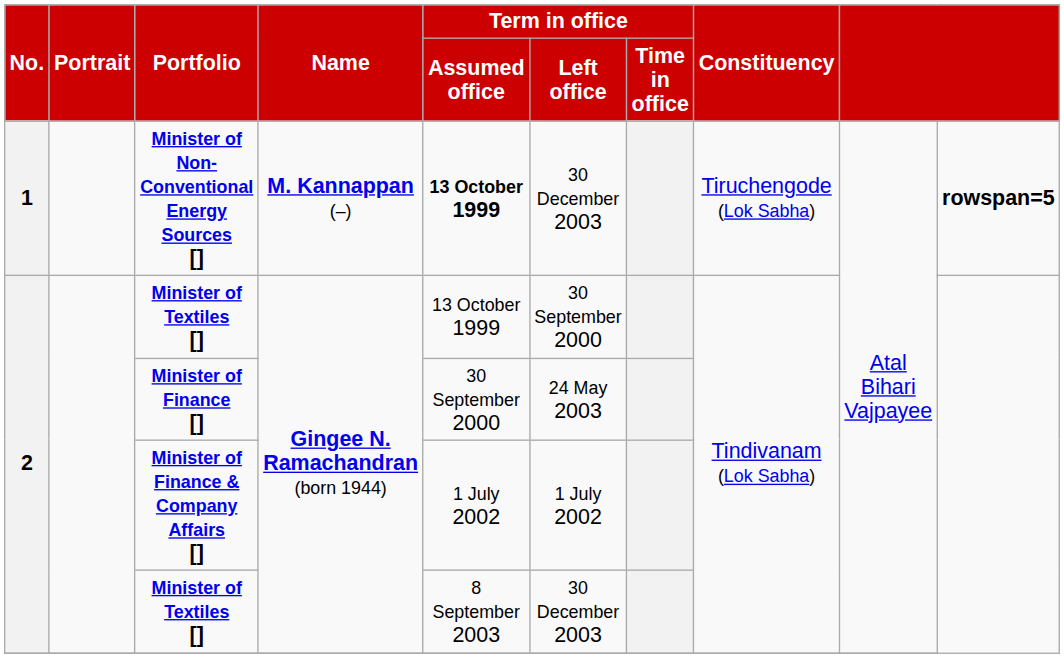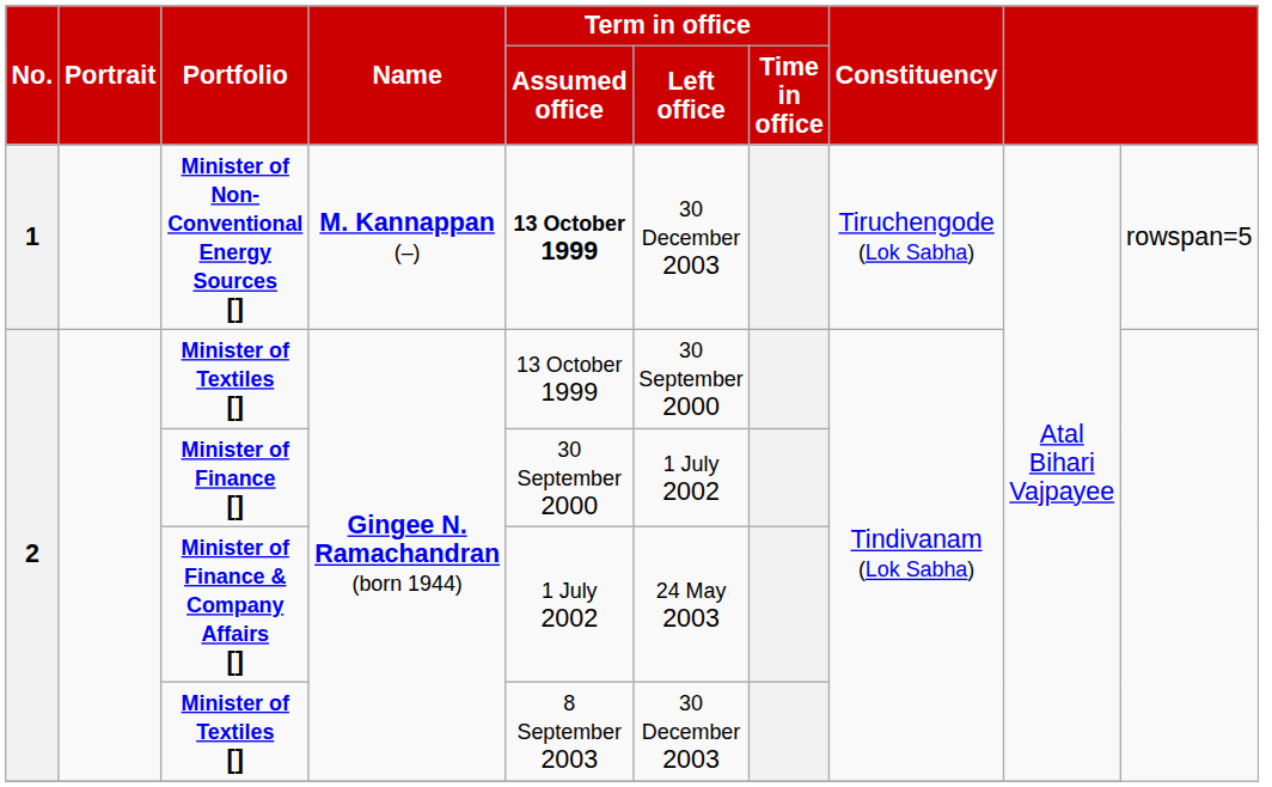 <table class="wikitable sortable" style="text-align:center;">
 <tr>
 <th rowspan=2 style="background-color:#cc0000;color:white">No.</th>
 <th rowspan=2 style="background-color:#cc0000;color:white">Portrait</th>
 <th rowspan=2 style="background-color:#cc0000;color:white">Portfolio</th>
 <th rowspan=2 style="background-color:#cc0000;color:white">Name<br></th>
 <th colspan=3 style="background-color:#cc0000;color:white">Term in office</th>
 <th rowspan=2 style="background-color:#cc0000;color:white">Constituency<br></th>
 <th rowspan=2 colspan=2 style="background-color:#cc0000;color:white"><a href='#'></a></th>
 </tr>
 <tr>
 <th style="background-color:#cc0000;color:white">Assumed office</th>
 <th style="background-color:#cc0000;color:white">Left office</th>
 <th style="background-color:#cc0000;color:white">Time in office</th>
 </tr>
 <tr>
 <th>1</th>
 <td></td>
 <td><strong><small><a href='#'>Minister of Non-Conventional Energy Sources</a></small></strong><br><strong>[]</strong></td>
 <td><strong><a href='#'>M. Kannappan</a></strong><br><small>(–)</small></td>
 <td><strong><small>13 October</small><br>1999</strong></td>
 <td><small>30 December</small><br>2003</td>
 <th><strong></strong></th>
 <td><a href='#'>Tiruchengode</a><br><small>(<a href='#'>Lok Sabha</a>)</small></td>
 <td rowspan=5><a href='#'>Atal Bihari Vajpayee</a></td>
-<td><strong>rowspan=5 </strong></td>
+<td>rowspan=5 </td>
 </tr>
 <tr>
 <th rowspan="4">2</th>
 <td rowspan="4"></td>
 <td><strong><small><a href='#'>Minister of Textiles</a></small></strong><br><strong>[]</strong></td>
 <td rowspan="4"><strong><a href='#'>Gingee N. Ramachandran</a></strong><br><small>(born 1944)</small></td>
 <td><small>13 October</small><br> 1999</td>
 <td><small>30 September</small><br>2000</td>
 <th><strong></strong></th>
 <td rowspan="4"><a href='#'>Tindivanam</a><br><small>(<a href='#'>Lok Sabha</a>)</small></td>
 </tr>
 <tr>
 <td><small><strong><a href='#'>Minister of Finance</a></strong></small><br><strong>[]</strong></td>
 <td><small>30 September</small><br>2000</td>
-<td><small>24 May</small><br>2003</td>
+<td><small>1 July</small><br>2002</td>
 <th><strong></strong></th>
 </tr>
 <tr>
 <td><small><strong><a href='#'>Minister of Finance & Company Affairs</a></strong></small><br><strong>[]</strong></td>
 <td><small>1 July</small><br>2002</td>
-<td><small>1 July</small><br>2002</td>
+<td><small>24 May</small><br>2003</td>
 <th><strong></strong></th>
 </tr>
 <tr>
 <td><strong><small><a href='#'>Minister of Textiles</a></small></strong><br><strong>[]</strong></td>
 <td><small>8 September</small><br>2003</td>
 <td><small>30 December</small><br>2003</td>
 <th><strong></strong></th>
 </tr>
 <tr>
 </tr>
 </table>
